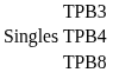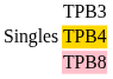 <table>
 <tr>
 <td rowspan=3>Singles</td>
 <td>TPB3</td>
 <td></td>
 <td></td>
 <td></td>
 </tr>
 <tr>
-<td>TPB4</td>
+<td style="background: gold;">TPB4</td>
 <td></td>
 <td></td>
 <td></td>
 </tr>
 <tr>
-<td>TPB8</td>
+<td style="background: pink;">TPB8</td>
 <td></td>
 <td></td>
 <td></td>
 </tr>
 </table>
